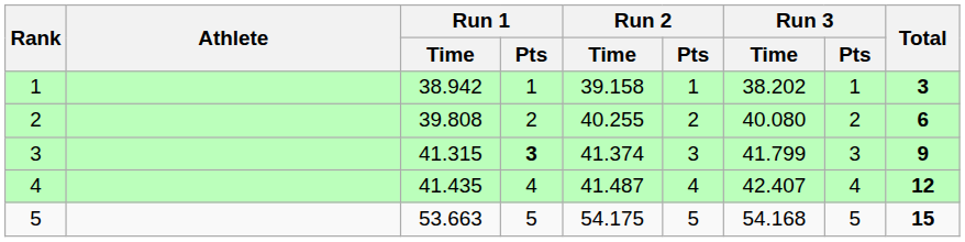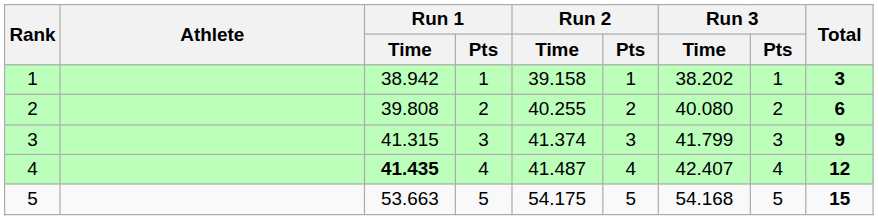 <table class=wikitable style="text-align:center">
 <tr>
 <th rowspan="2" width=40>Rank</th>
 <th rowspan="2" width=250>Athlete</th>
 <th colspan="2">Run 1</th>
 <th colspan="2">Run 2</th>
 <th colspan="2">Run 3</th>
 <th rowspan="2" width=50>Total</th>
 </tr>
 <tr>
 <th width=70>Time</th>
 <th width=40>Pts</th>
 <th width=70>Time</th>
 <th width=40>Pts</th>
 <th width=70>Time</th>
 <th width=40>Pts</th>
 </tr>
 <tr bgcolor=bbffbb>
 <td>1</td>
 <td align=left></td>
 <td>38.942</td>
 <td>1</td>
 <td>39.158</td>
 <td>1</td>
 <td>38.202</td>
 <td>1</td>
 <td><strong>3</strong></td>
 </tr>
 <tr bgcolor=bbffbb>
 <td>2</td>
 <td align=left></td>
 <td>39.808</td>
 <td>2</td>
 <td>40.255</td>
 <td>2</td>
 <td>40.080</td>
 <td>2</td>
 <td><strong>6</strong></td>
 </tr>
 <tr bgcolor=bbffbb>
 <td>3</td>
 <td align=left></td>
 <td>41.315</td>
-<td><strong>3</strong></td>
+<td>3</td>
 <td>41.374</td>
 <td>3</td>
 <td>41.799</td>
 <td>3</td>
 <td><strong>9</strong></td>
 </tr>
 <tr bgcolor=bbffbb>
 <td>4</td>
 <td align=left></td>
-<td>41.435</td>
+<td><strong>41.435</strong></td>
 <td>4</td>
 <td>41.487</td>
 <td>4</td>
 <td>42.407</td>
 <td>4</td>
 <td><strong>12</strong></td>
 </tr>
 <tr>
 <td>5</td>
 <td align=left></td>
 <td>53.663</td>
 <td>5</td>
 <td>54.175</td>
 <td>5</td>
 <td>54.168</td>
 <td>5</td>
 <td><strong>15</strong></td>
 </tr>
 </table>
